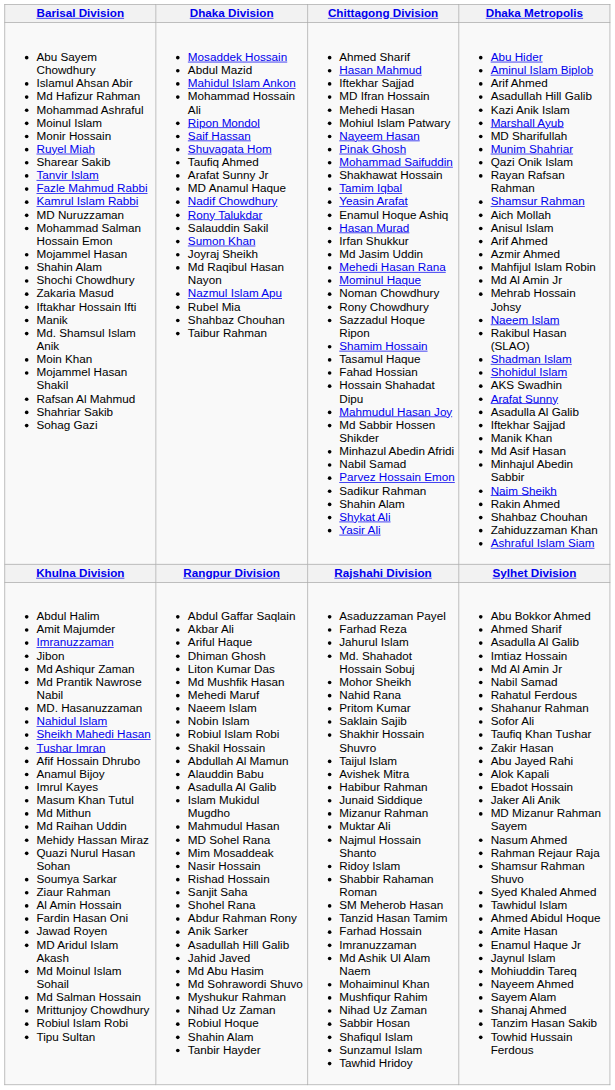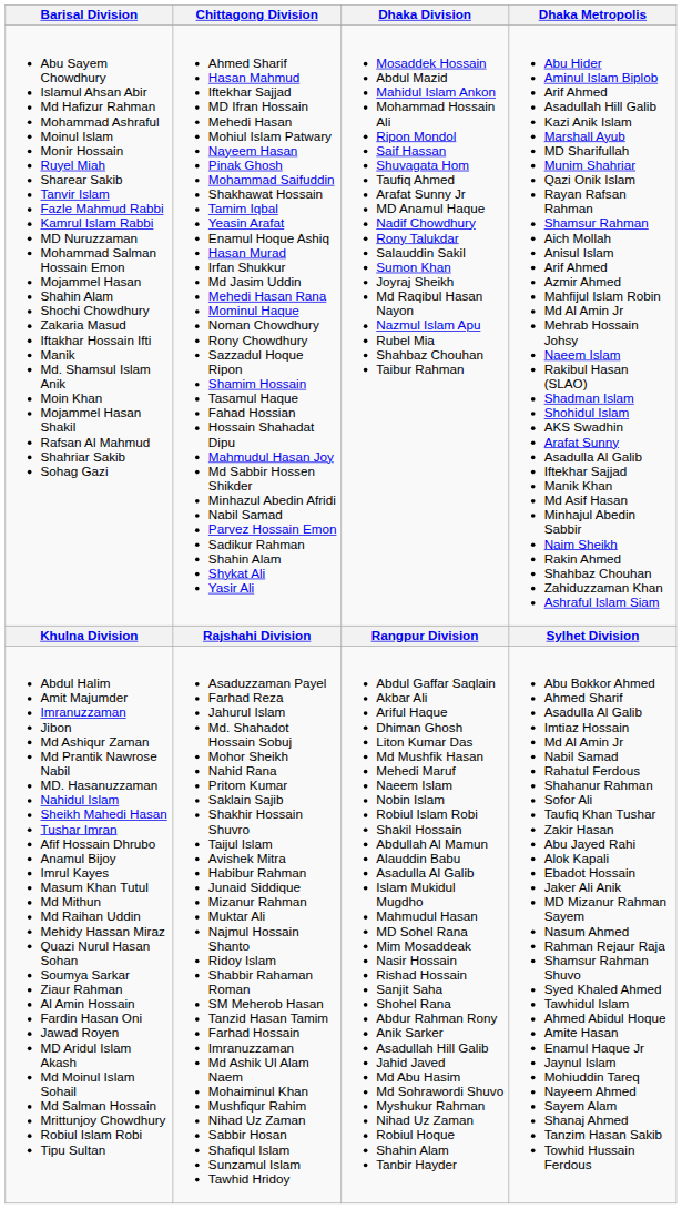 <table class="wikitable" style="text-align:left;margin:auto">
 <tr>
 <th width=200><a href='#'>Barisal Division</a></th>
+<th width=200><a href='#'>Chittagong Division</a></th>
 <th width=200><a href='#'>Dhaka Division</a></th>
-<th width=200><a href='#'>Chittagong Division</a></th>
 <th width=200><a href='#'>Dhaka Metropolis</a></th>
 </tr>
 <tr>
 <td valign=top><br><ul><li>Abu Sayem Chowdhury</li><li>Islamul Ahsan Abir</li><li>Md Hafizur Rahman</li><li>Mohammad Ashraful</li><li>Moinul Islam</li><li>Monir Hossain</li><li><a href='#'>Ruyel Miah</a></li><li>Sharear Sakib</li><li><a href='#'>Tanvir Islam</a></li><li><a href='#'>Fazle Mahmud Rabbi</a></li><li><a href='#'>Kamrul Islam Rabbi</a></li><li>MD Nuruzzaman</li><li>Mohammad Salman Hossain Emon</li><li>Mojammel Hasan</li><li>Shahin Alam</li><li>Shochi Chowdhury</li><li>Zakaria Masud</li><li>Iftakhar Hossain Ifti</li><li>Manik</li><li>Md. Shamsul Islam Anik</li><li>Moin Khan</li><li>Mojammel Hasan Shakil</li><li>Rafsan Al Mahmud</li><li>Shahriar Sakib</li><li>Sohag Gazi</li></ul></td>
+<td valign=top><br><ul><li>Ahmed Sharif</li><li><a href='#'>Hasan Mahmud</a></li><li>Iftekhar Sajjad</li><li>MD Ifran Hossain</li><li>Mehedi Hasan</li><li>Mohiul Islam Patwary</li><li><a href='#'>Nayeem Hasan</a></li><li><a href='#'>Pinak Ghosh</a></li><li><a href='#'>Mohammad Saifuddin</a></li><li>Shakhawat Hossain</li><li><a href='#'>Tamim Iqbal</a></li><li><a href='#'>Yeasin Arafat</a></li><li>Enamul Hoque Ashiq</li><li><a href='#'>Hasan Murad</a></li><li>Irfan Shukkur</li><li>Md Jasim Uddin</li><li><a href='#'>Mehedi Hasan Rana</a></li><li><a href='#'>Mominul Haque</a></li><li>Noman Chowdhury</li><li>Rony Chowdhury</li><li>Sazzadul Hoque Ripon</li><li><a href='#'>Shamim Hossain</a></li><li>Tasamul Haque</li><li>Fahad Hossian</li><li>Hossain Shahadat Dipu</li><li><a href='#'>Mahmudul Hasan Joy</a></li><li>Md Sabbir Hossen Shikder</li><li>Minhazul Abedin Afridi</li><li>Nabil Samad</li><li><a href='#'>Parvez Hossain Emon</a></li><li>Sadikur Rahman</li><li>Shahin Alam</li><li><a href='#'>Shykat Ali</a></li><li><a href='#'>Yasir Ali</a></li></ul></td>
 <td valign=top><br><ul><li><a href='#'>Mosaddek Hossain</a></li><li>Abdul Mazid</li><li><a href='#'>Mahidul Islam Ankon</a></li><li>Mohammad Hossain Ali</li><li><a href='#'>Ripon Mondol</a></li><li><a href='#'>Saif Hassan</a></li><li><a href='#'>Shuvagata Hom</a></li><li>Taufiq Ahmed</li><li>Arafat Sunny Jr</li><li>MD Anamul Haque</li><li><a href='#'>Nadif Chowdhury</a></li><li><a href='#'>Rony Talukdar</a></li><li>Salauddin Sakil</li><li><a href='#'>Sumon Khan</a></li><li>Joyraj Sheikh</li><li>Md Raqibul Hasan Nayon</li><li><a href='#'>Nazmul Islam Apu</a></li><li>Rubel Mia</li><li>Shahbaz Chouhan</li><li>Taibur Rahman</li></ul></td>
-<td valign=top><br><ul><li>Ahmed Sharif</li><li><a href='#'>Hasan Mahmud</a></li><li>Iftekhar Sajjad</li><li>MD Ifran Hossain</li><li>Mehedi Hasan</li><li>Mohiul Islam Patwary</li><li><a href='#'>Nayeem Hasan</a></li><li><a href='#'>Pinak Ghosh</a></li><li><a href='#'>Mohammad Saifuddin</a></li><li>Shakhawat Hossain</li><li><a href='#'>Tamim Iqbal</a></li><li><a href='#'>Yeasin Arafat</a></li><li>Enamul Hoque Ashiq</li><li><a href='#'>Hasan Murad</a></li><li>Irfan Shukkur</li><li>Md Jasim Uddin</li><li><a href='#'>Mehedi Hasan Rana</a></li><li><a href='#'>Mominul Haque</a></li><li>Noman Chowdhury</li><li>Rony Chowdhury</li><li>Sazzadul Hoque Ripon</li><li><a href='#'>Shamim Hossain</a></li><li>Tasamul Haque</li><li>Fahad Hossian</li><li>Hossain Shahadat Dipu</li><li><a href='#'>Mahmudul Hasan Joy</a></li><li>Md Sabbir Hossen Shikder</li><li>Minhazul Abedin Afridi</li><li>Nabil Samad</li><li><a href='#'>Parvez Hossain Emon</a></li><li>Sadikur Rahman</li><li>Shahin Alam</li><li><a href='#'>Shykat Ali</a></li><li><a href='#'>Yasir Ali</a></li></ul></td>
 <td valign=top><br><ul><li><a href='#'>Abu Hider</a></li><li><a href='#'>Aminul Islam Biplob</a></li><li>Arif Ahmed</li><li>Asadullah Hill Galib</li><li>Kazi Anik Islam</li><li><a href='#'>Marshall Ayub</a></li><li>MD Sharifullah</li><li><a href='#'>Munim Shahriar</a></li><li>Qazi Onik Islam</li><li>Rayan Rafsan Rahman</li><li><a href='#'>Shamsur Rahman</a></li><li>Aich Mollah</li><li>Anisul Islam</li><li>Arif Ahmed</li><li>Azmir Ahmed</li><li>Mahfijul Islam Robin</li><li>Md Al Amin Jr</li><li>Mehrab Hossain Johsy</li><li><a href='#'>Naeem Islam</a></li><li>Rakibul Hasan (SLAO)</li><li><a href='#'>Shadman Islam</a></li><li><a href='#'>Shohidul Islam</a></li><li>AKS Swadhin</li><li><a href='#'>Arafat Sunny</a></li><li>Asadulla Al Galib</li><li>Iftekhar Sajjad</li><li>Manik Khan</li><li>Md Asif Hasan</li><li>Minhajul Abedin Sabbir</li><li><a href='#'>Naim Sheikh</a></li><li>Rakin Ahmed</li><li>Shahbaz Chouhan</li><li>Zahiduzzaman Khan</li><li><a href='#'>Ashraful Islam Siam</a></li></ul></td>
 </tr>
 <tr>
 <th style="width:25%;"><a href='#'>Khulna Division</a></th>
+<th style="width:25%;"><a href='#'>Rajshahi Division</a></th>
 <th style="width:25%;"><a href='#'>Rangpur Division</a></th>
-<th style="width:25%;"><a href='#'>Rajshahi Division</a></th>
 <th style="width:25%;"><a href='#'>Sylhet Division</a></th>
 </tr>
 <tr>
 <td valign=top><br><ul><li>Abdul Halim</li><li>Amit Majumder</li><li><a href='#'>Imranuzzaman</a></li><li>Jibon</li><li>Md Ashiqur Zaman</li><li>Md Prantik Nawrose Nabil</li><li>MD. Hasanuzzaman</li><li><a href='#'>Nahidul Islam</a></li><li><a href='#'>Sheikh Mahedi Hasan</a></li><li><a href='#'>Tushar Imran</a></li><li>Afif Hossain Dhrubo</li><li>Anamul Bijoy</li><li>Imrul Kayes</li><li>Masum Khan Tutul</li><li>Md Mithun</li><li>Md Raihan Uddin</li><li>Mehidy Hassan Miraz</li><li>Quazi Nurul Hasan Sohan</li><li>Soumya Sarkar</li><li>Ziaur Rahman</li><li>Al Amin Hossain</li><li>Fardin Hasan Oni</li><li>Jawad Royen</li><li>MD Aridul Islam Akash</li><li>Md Moinul Islam Sohail</li><li>Md Salman Hossain</li><li>Mrittunjoy Chowdhury</li><li>Robiul Islam Robi</li><li>Tipu Sultan</li></ul></td>
+<td valign=top><br><ul><li>Asaduzzaman Payel</li><li>Farhad Reza</li><li>Jahurul Islam</li><li>Md. Shahadot Hossain Sobuj</li><li>Mohor Sheikh</li><li>Nahid Rana</li><li>Pritom Kumar</li><li>Saklain Sajib</li><li>Shakhir Hossain Shuvro</li><li>Taijul Islam</li><li>Avishek Mitra</li><li>Habibur Rahman</li><li>Junaid Siddique</li><li>Mizanur Rahman</li><li>Muktar Ali</li><li>Najmul Hossain Shanto</li><li>Ridoy Islam</li><li>Shabbir Rahaman Roman</li><li>SM Meherob Hasan</li><li>Tanzid Hasan Tamim</li><li>Farhad Hossain</li><li>Imranuzzaman</li><li>Md Ashik Ul Alam Naem</li><li>Mohaiminul Khan</li><li>Mushfiqur Rahim</li><li>Nihad Uz Zaman</li><li>Sabbir Hosan</li><li>Shafiqul Islam</li><li>Sunzamul Islam</li><li>Tawhid Hridoy</li></ul></td>
 <td valign=top><br><ul><li>Abdul Gaffar Saqlain</li><li>Akbar Ali</li><li>Ariful Haque</li><li>Dhiman Ghosh</li><li>Liton Kumar Das</li><li>Md Mushfik Hasan</li><li>Mehedi Maruf</li><li>Naeem Islam</li><li>Nobin Islam</li><li>Robiul Islam Robi</li><li>Shakil Hossain</li><li>Abdullah Al Mamun</li><li>Alauddin Babu</li><li>Asadulla Al Galib</li><li>Islam Mukidul Mugdho</li><li>Mahmudul Hasan</li><li>MD Sohel Rana</li><li>Mim Mosaddeak</li><li>Nasir Hossain</li><li>Rishad Hossain</li><li>Sanjit Saha</li><li>Shohel Rana</li><li>Abdur Rahman Rony</li><li>Anik Sarker</li><li>Asadullah Hill Galib</li><li>Jahid Javed</li><li>Md Abu Hasim</li><li>Md Sohrawordi Shuvo</li><li>Myshukur Rahman</li><li>Nihad Uz Zaman</li><li>Robiul Hoque</li><li>Shahin Alam</li><li>Tanbir Hayder</li></ul></td>
-<td valign=top><br><ul><li>Asaduzzaman Payel</li><li>Farhad Reza</li><li>Jahurul Islam</li><li>Md. Shahadot Hossain Sobuj</li><li>Mohor Sheikh</li><li>Nahid Rana</li><li>Pritom Kumar</li><li>Saklain Sajib</li><li>Shakhir Hossain Shuvro</li><li>Taijul Islam</li><li>Avishek Mitra</li><li>Habibur Rahman</li><li>Junaid Siddique</li><li>Mizanur Rahman</li><li>Muktar Ali</li><li>Najmul Hossain Shanto</li><li>Ridoy Islam</li><li>Shabbir Rahaman Roman</li><li>SM Meherob Hasan</li><li>Tanzid Hasan Tamim</li><li>Farhad Hossain</li><li>Imranuzzaman</li><li>Md Ashik Ul Alam Naem</li><li>Mohaiminul Khan</li><li>Mushfiqur Rahim</li><li>Nihad Uz Zaman</li><li>Sabbir Hosan</li><li>Shafiqul Islam</li><li>Sunzamul Islam</li><li>Tawhid Hridoy</li></ul></td>
 <td valign=top><br><ul><li>Abu Bokkor Ahmed</li><li>Ahmed Sharif</li><li>Asadulla Al Galib</li><li>Imtiaz Hossain</li><li>Md Al Amin Jr</li><li>Nabil Samad</li><li>Rahatul Ferdous</li><li>Shahanur Rahman</li><li>Sofor Ali</li><li>Taufiq Khan Tushar</li><li>Zakir Hasan</li><li>Abu Jayed Rahi</li><li>Alok Kapali</li><li>Ebadot Hossain</li><li>Jaker Ali Anik</li><li>MD Mizanur Rahman Sayem</li><li>Nasum Ahmed</li><li>Rahman Rejaur Raja</li><li>Shamsur Rahman Shuvo</li><li>Syed Khaled Ahmed</li><li>Tawhidul Islam</li><li>Ahmed Abidul Hoque</li><li>Amite Hasan</li><li>Enamul Haque Jr</li><li>Jaynul Islam</li><li>Mohiuddin Tareq</li><li>Nayeem Ahmed</li><li>Sayem Alam</li><li>Shanaj Ahmed</li><li>Tanzim Hasan Sakib</li><li>Towhid Hussain Ferdous</li></ul></td>
 </tr>
 </table>
